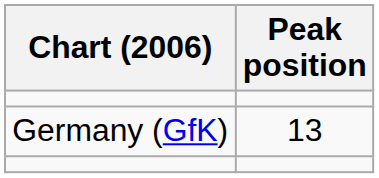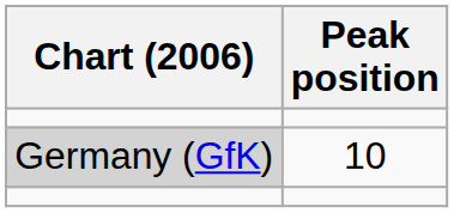 <table class="wikitable sortable">
 <tr>
 <th align="left">Chart (2006)</th>
 <th align="left">Peak <br>position</th>
 </tr>
 <tr>
 <td></td>
 </tr>
 <tr>
-<td>Germany (<a href='#'>GfK</a>)</td>
-<td style="text-align:center">13</td>
+<td style="background: lightgrey;">Germany (<a href='#'>GfK</a>)</td>
+<td style="text-align:center">10</td>
 </tr>
 <tr>
 <td></td>
 </tr>
 </table>
